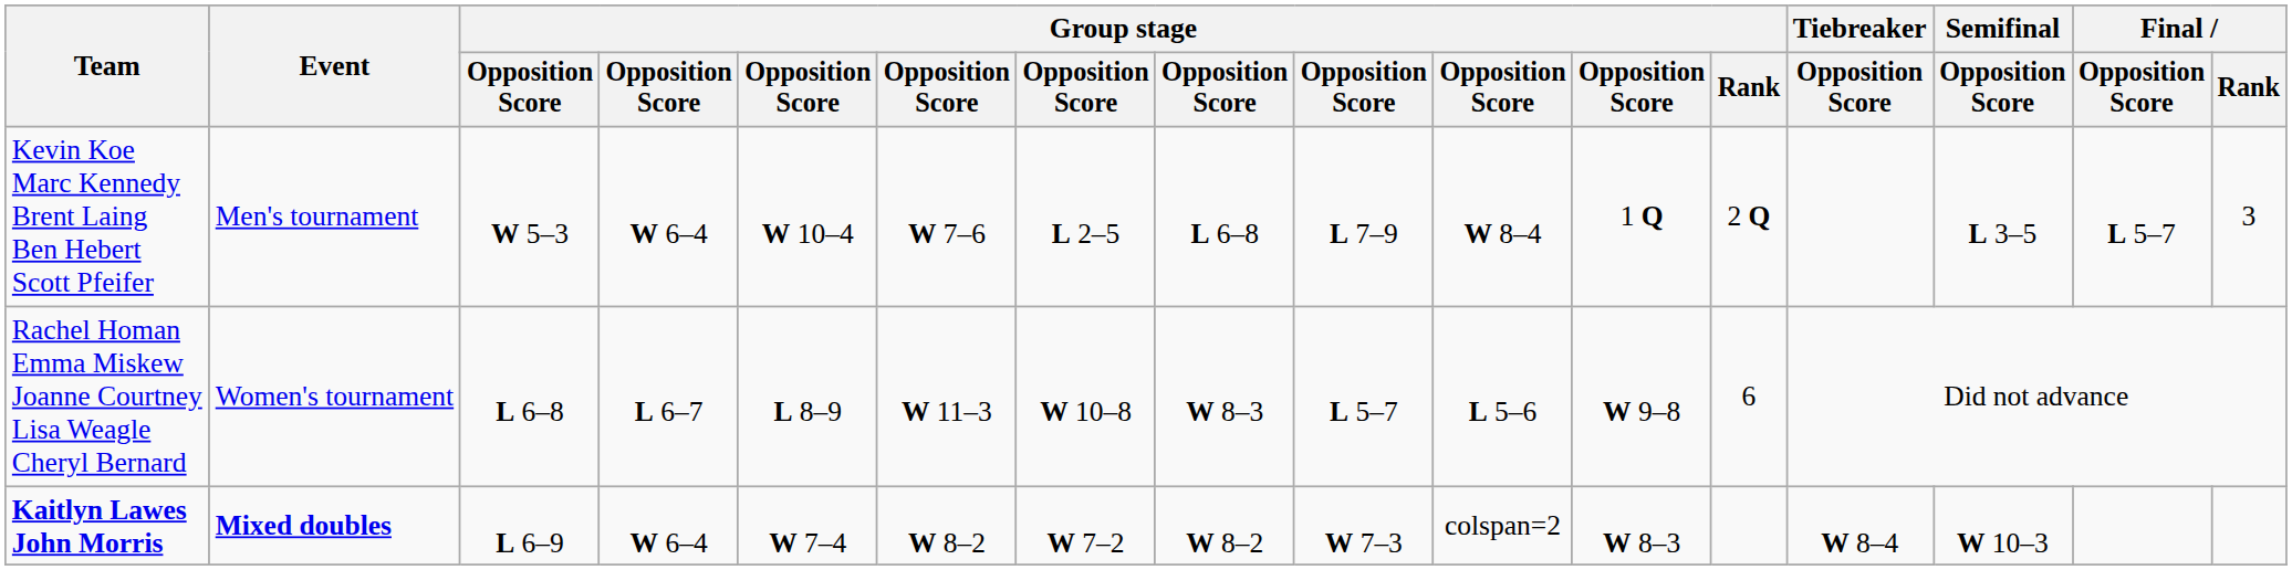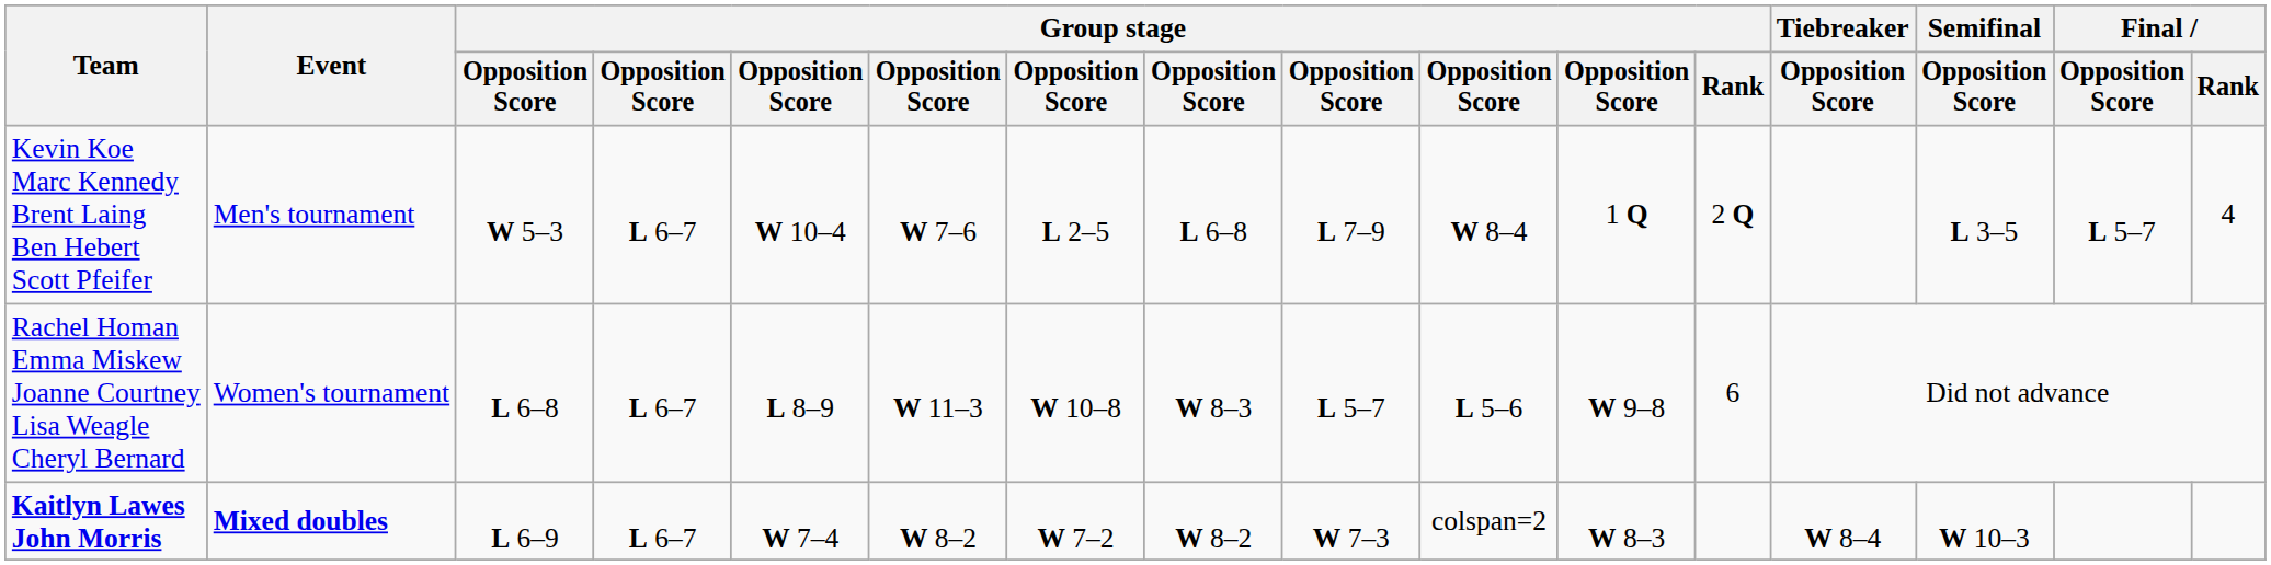 <table class="wikitable" style="font-size:90%">
 <tr>
 <th rowspan=2>Team</th>
 <th rowspan=2>Event</th>
 <th colspan=10>Group stage</th>
 <th>Tiebreaker</th>
 <th>Semifinal</th>
 <th colspan=2>Final / </th>
 </tr>
 <tr style="font-size:95%">
 <th>Opposition<br>Score</th>
 <th>Opposition<br>Score</th>
 <th>Opposition<br>Score</th>
 <th>Opposition<br>Score</th>
 <th>Opposition<br>Score</th>
 <th>Opposition<br>Score</th>
 <th>Opposition<br>Score</th>
 <th>Opposition<br>Score</th>
 <th>Opposition<br>Score</th>
 <th>Rank</th>
 <th>Opposition<br>Score</th>
 <th>Opposition<br>Score</th>
 <th>Opposition<br>Score</th>
 <th>Rank</th>
 </tr>
 <tr align=center>
 <td align=left><a href='#'>Kevin Koe</a><br><a href='#'>Marc Kennedy</a><br><a href='#'>Brent Laing</a><br><a href='#'>Ben Hebert</a><br><a href='#'>Scott Pfeifer</a></td>
 <td align=left><a href='#'>Men's tournament</a></td>
 <td><br><strong>W</strong> 5–3</td>
-<td><br><strong>W</strong> 6–4</td>
+<td><br><strong>L</strong> 6–7</td>
 <td><br><strong>W</strong> 10–4</td>
 <td><br><strong>W</strong> 7–6</td>
 <td><br><strong>L</strong> 2–5</td>
 <td><br><strong>L</strong> 6–8</td>
 <td><br><strong>L</strong> 7–9</td>
 <td><br><strong>W</strong> 8–4</td>
 <td>1 <strong>Q</strong></td>
 <td>2 <strong>Q</strong></td>
 <td></td>
 <td><br><strong>L</strong> 3–5</td>
 <td><br><strong>L</strong> 5–7</td>
-<td>3</td>
+<td>4</td>
 </tr>
 <tr align=center>
 <td align=left><a href='#'>Rachel Homan</a><br><a href='#'>Emma Miskew</a><br><a href='#'>Joanne Courtney</a><br><a href='#'>Lisa Weagle</a><br><a href='#'>Cheryl Bernard</a></td>
 <td align=left><a href='#'>Women's tournament</a></td>
 <td><br><strong>L</strong> 6–8</td>
 <td><br><strong>L</strong> 6–7</td>
 <td><br><strong>L</strong> 8–9</td>
 <td><br><strong>W</strong> 11–3</td>
 <td><br><strong>W</strong> 10–8</td>
 <td><br><strong>W</strong> 8–3</td>
 <td><br><strong>L</strong> 5–7</td>
 <td><br><strong>L</strong> 5–6</td>
 <td><br><strong>W</strong> 9–8</td>
 <td>6</td>
 <td colspan=4>Did not advance</td>
 </tr>
 <tr align=center>
 <td align=left><strong><a href='#'>Kaitlyn Lawes</a><br><a href='#'>John Morris</a></strong></td>
 <td align=left><strong><a href='#'>Mixed doubles</a></strong></td>
 <td><br><strong>L</strong> 6–9</td>
-<td><br><strong>W</strong> 6–4</td>
+<td><br><strong>L</strong> 6–7</td>
 <td><br><strong>W</strong> 7–4</td>
 <td><br><strong>W</strong> 8–2</td>
 <td><br><strong>W</strong> 7–2</td>
 <td><br><strong>W</strong> 8–2</td>
 <td><br><strong>W</strong> 7–3</td>
 <td>colspan=2 </td>
 <td><br><strong>W</strong> 8–3</td>
 <td></td>
 <td><br><strong>W</strong> 8–4</td>
 <td><br><strong>W</strong> 10–3</td>
 <td></td>
 </tr>
 </table>
